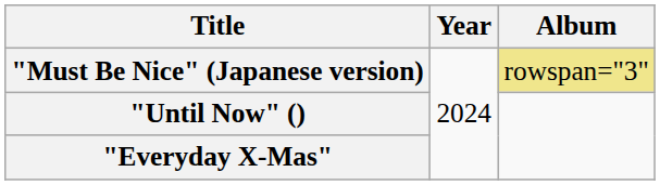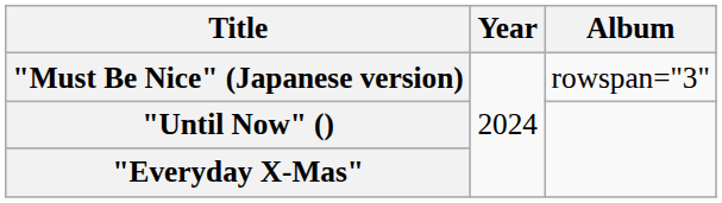 <table class="wikitable plainrowheaders" style="text-align:center">
 <tr>
 <th scope="col">Title</th>
 <th scope="col">Year</th>
 <th scope="col">Album</th>
 </tr>
 <tr>
 <th scope="row">"Must Be Nice" (Japanese version)</th>
 <td rowspan="3">2024</td>
-<td style="background: khaki;">rowspan="3" </td>
+<td>rowspan="3" </td>
 </tr>
 <tr>
 <th scope="row">"Until Now" ()</th>
 </tr>
 <tr>
 <th scope="row">"Everyday X-Mas"</th>
 </tr>
 </table>
